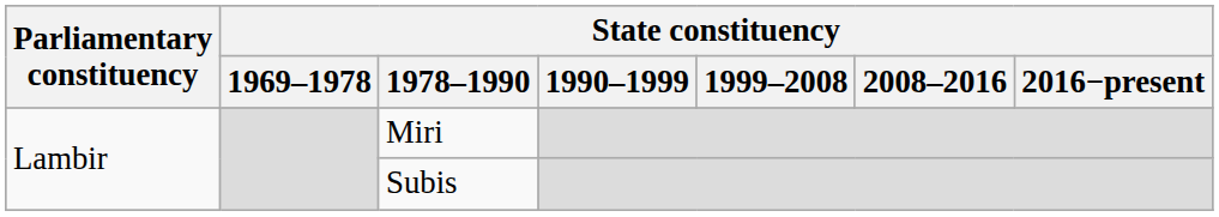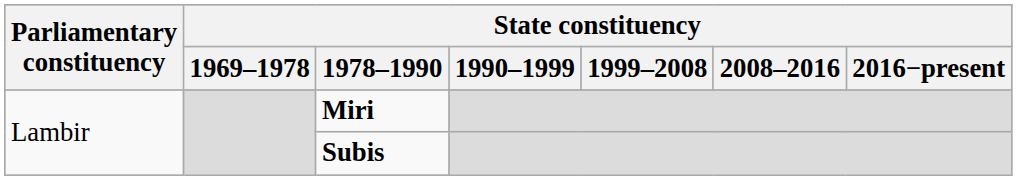 <table class="wikitable">
 <tr>
 <th rowspan="2">Parliamentary<br>constituency</th>
 <th colspan="6">State constituency</th>
 </tr>
 <tr>
 <th>1969–1978</th>
 <th>1978–1990</th>
 <th>1990–1999</th>
 <th>1999–2008</th>
 <th>2008–2016</th>
 <th>2016−present</th>
 </tr>
 <tr>
 <td rowspan="2">Lambir</td>
 <td rowspan="2" bgcolor="dcdcdc"></td>
-<td>Miri</td>
+<td><strong>Miri</strong></td>
 <td colspan="4" bgcolor="dcdcdc"></td>
 </tr>
 <tr>
-<td>Subis</td>
+<td><strong>Subis</strong></td>
 <td colspan="4" bgcolor="dcdcdc"></td>
 </tr>
 </table>
